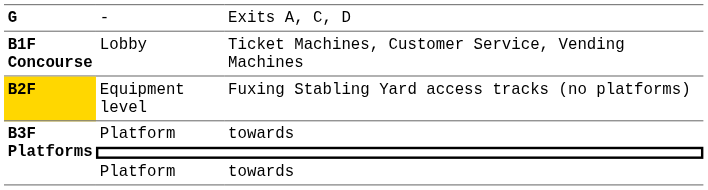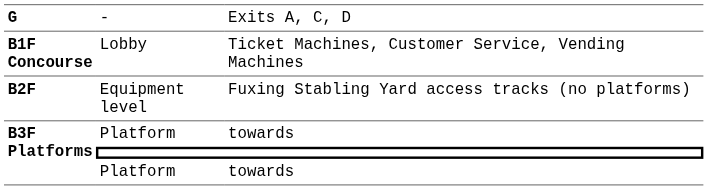 <table table border=0 cellspacing=0 cellpadding=3>
 <tr>
 <td style="border-top:solid 1px gray;" width=50 valign=top><strong>G</strong></td>
 <td style="border-top:solid 1px gray;" width=100 valign=top>-</td>
 <td style="border-top:solid 1px gray;" width=390 valign=top>Exits A, C, D</td>
 </tr>
 <tr>
 <td style="border-bottom:solid 1px gray; border-top:solid 1px gray;" valign=top width=50><strong>B1F<br>Concourse</strong></td>
 <td style="border-bottom:solid 1px gray; border-top:solid 1px gray;" valign=top width=100>Lobby</td>
 <td style="border-bottom:solid 1px gray; border-top:solid 1px gray;" valign=top width=390>Ticket Machines, Customer Service, Vending Machines</td>
 </tr>
 <tr>
-<td style="background: gold; border-bottom:solid 1px gray;" valign=top><strong>B2F</strong></td>
+<td style="border-bottom:solid 1px gray;" valign=top><strong>B2F</strong></td>
 <td style="border-bottom:solid 1px gray;" valign=top>Equipment level</td>
 <td style="border-bottom:solid 1px gray;" valign=top>Fuxing Stabling Yard access tracks (no platforms)</td>
 </tr>
 <tr>
 <td style="border-bottom:solid 1px gray;" rowspan=3 valign=top><strong>B3F<br>Platforms</strong></td>
 <td>Platform</td>
 <td>  towards  </td>
 </tr>
 <tr>
 <td style="border-right:solid 2px black;border-left:solid 2px black;border-top:solid 2px black;border-bottom:solid 2px black;text-align:center;" colspan=2></td>
 </tr>
 <tr>
 <td style="border-bottom:solid 1px gray;">Platform</td>
 <td style="border-bottom:solid 1px gray;">  towards   </td>
 </tr>
 </table>
